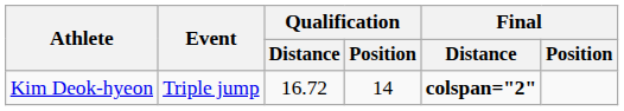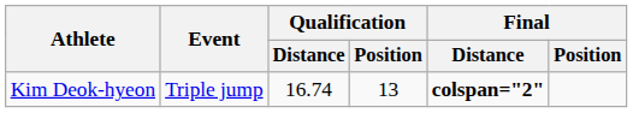 <table class=wikitable style="font-size:90%">
 <tr>
 <th rowspan="2">Athlete</th>
 <th rowspan="2">Event</th>
 <th colspan="2">Qualification</th>
 <th colspan="2">Final</th>
 </tr>
 <tr style="font-size:95%">
 <th>Distance</th>
 <th>Position</th>
 <th>Distance</th>
 <th>Position</th>
 </tr>
 <tr style=text-align:center>
 <td style=text-align:left><a href='#'>Kim Deok-hyeon</a></td>
 <td style=text-align:left><a href='#'>Triple jump</a></td>
-<td>16.72</td>
-<td>14</td>
+<td>16.74</td>
+<td>13</td>
 <td><strong>colspan="2" </strong></td>
 </tr>
 </table>
